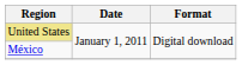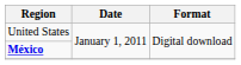 <table class="wikitable">
 <tr>
 <th>Region</th>
 <th>Date</th>
 <th>Format</th>
 </tr>
 <tr>
-<td style="background: khaki;">United States</td>
+<td>United States</td>
 <td rowspan="2">January 1, 2011</td>
 <td rowspan="2">Digital download</td>
 </tr>
 <tr>
-<td><a href='#'>México</a></td>
+<td><strong><a href='#'>México</a></strong></td>
 </tr>
 <tr>
 </tr>
 </table>
